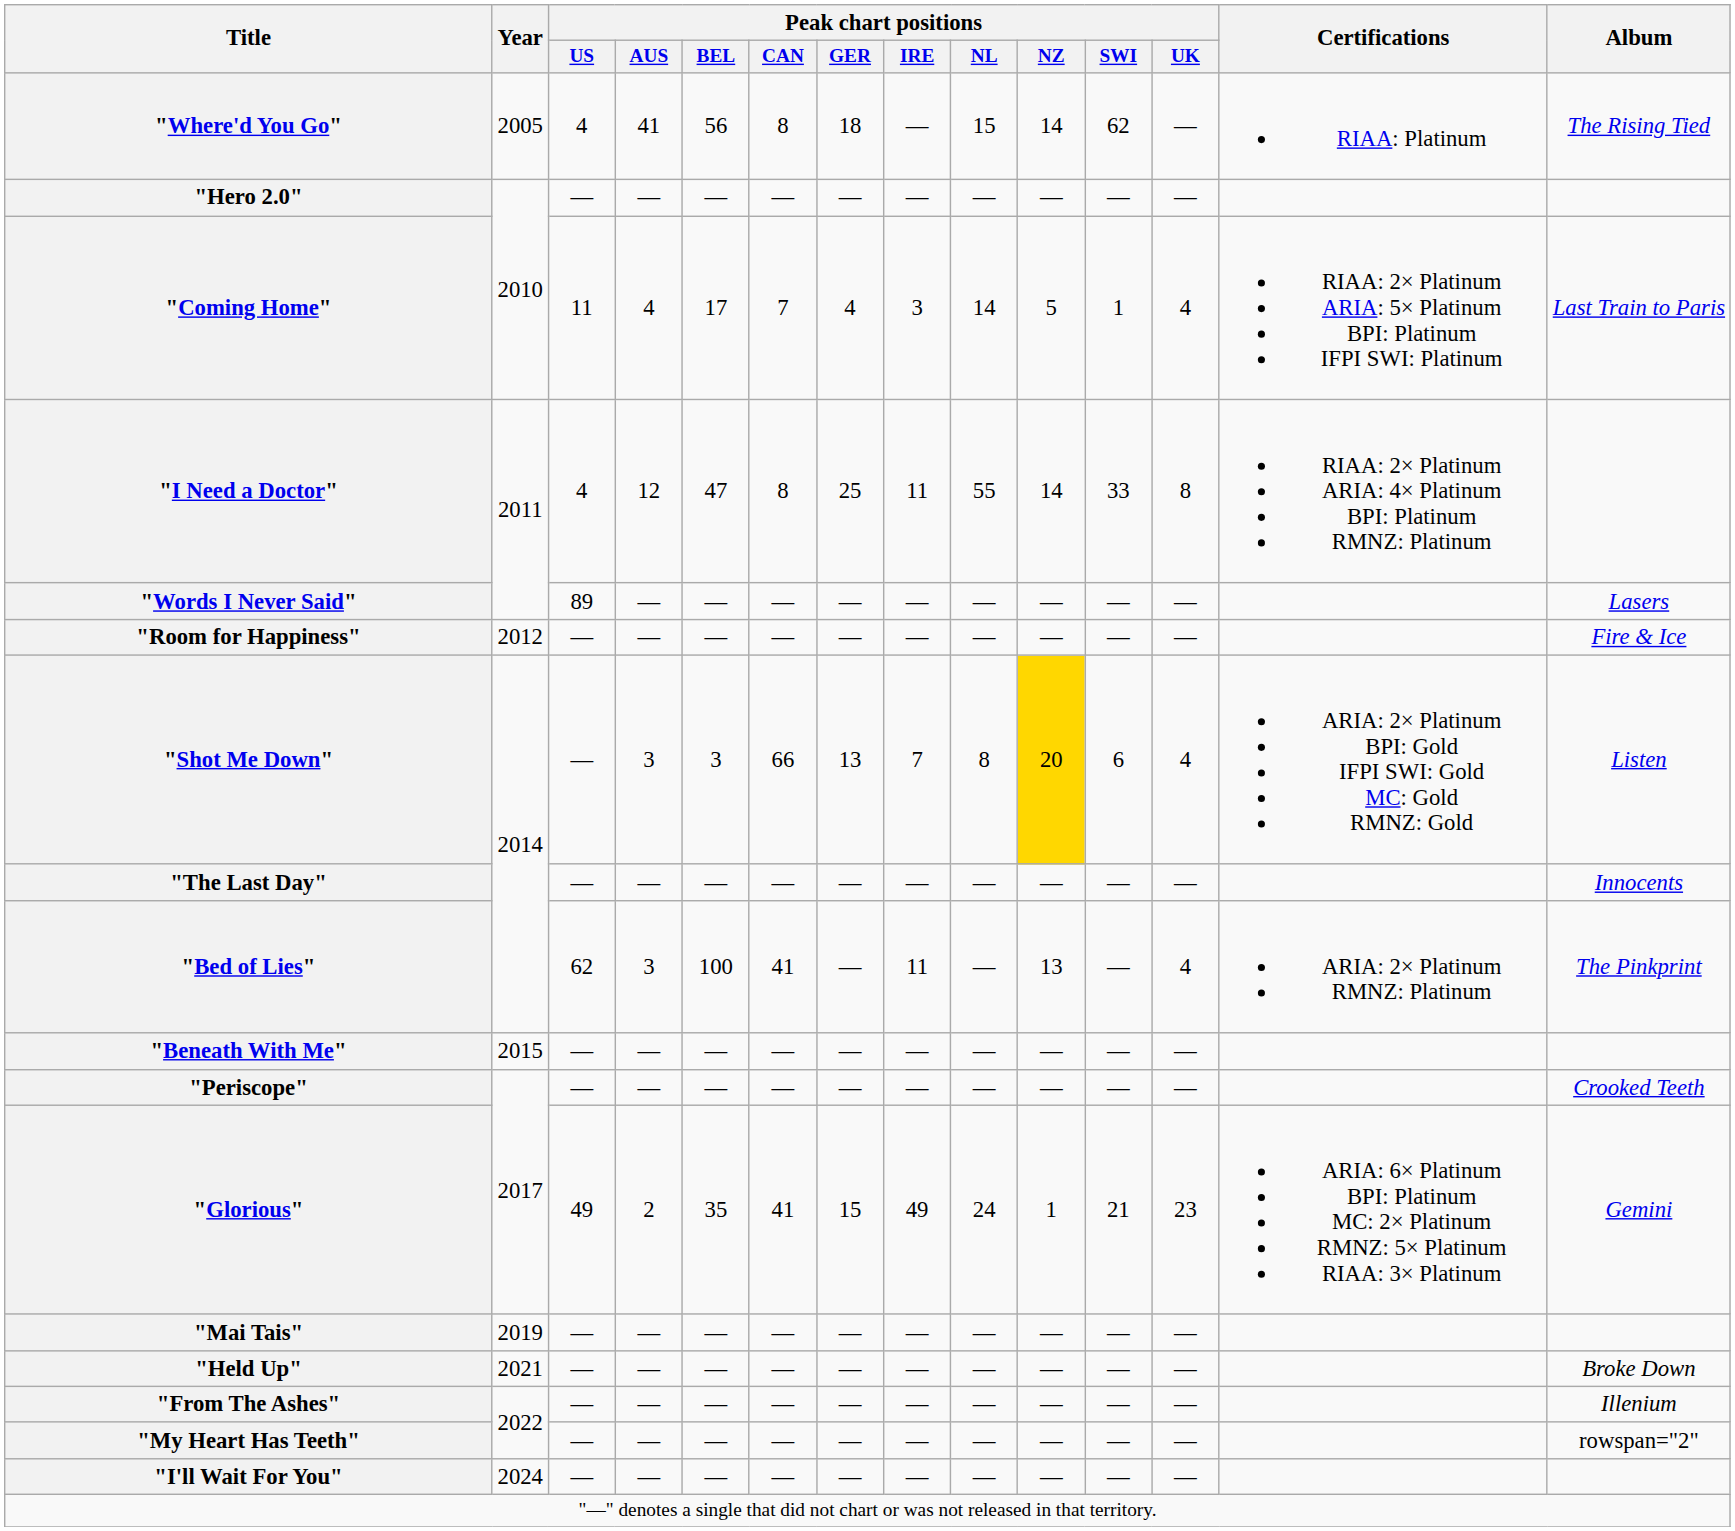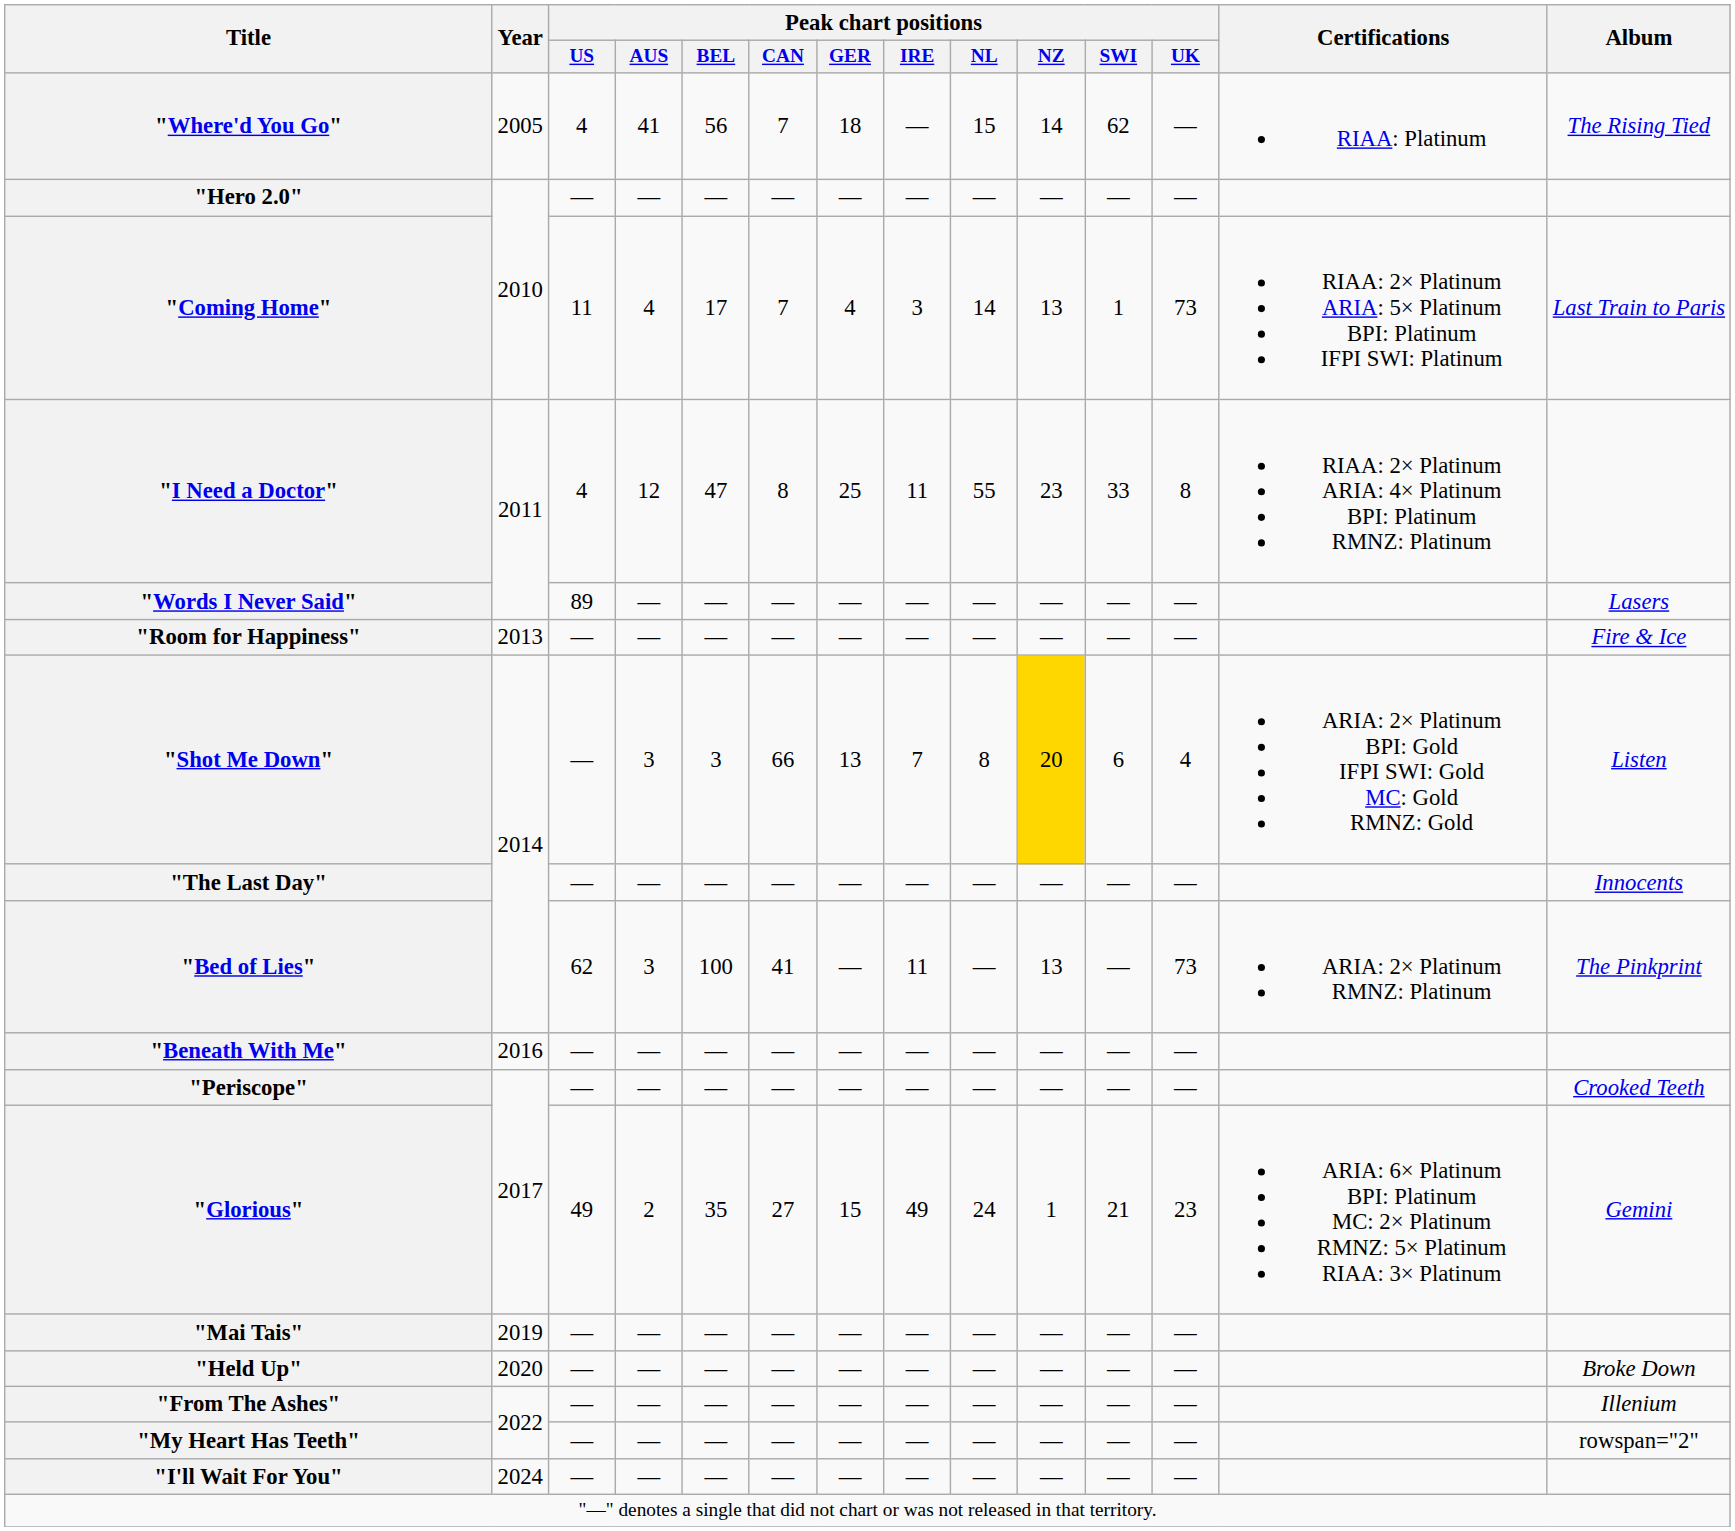 <table class="wikitable plainrowheaders" style="text-align: center;">
 <tr>
 <th scope="col" rowspan="2" style="width:21em;">Title</th>
 <th scope="col" rowspan="2">Year</th>
 <th scope="col" colspan="10">Peak chart positions</th>
 <th scope="col" rowspan="2" style="width:14em;">Certifications</th>
 <th scope="col" rowspan="2">Album</th>
 </tr>
 <tr>
 <th scope="col" style="width:3em; font-size:85%;"><a href='#'>US</a><br></th>
 <th scope="col" style="width:3em; font-size:85%;"><a href='#'>AUS</a><br></th>
 <th scope="col" style="width:3em; font-size:85%;"><a href='#'>BEL</a><br></th>
 <th scope="col" style="width:3em; font-size:85%;"><a href='#'>CAN</a><br></th>
 <th scope="col" style="width:3em; font-size:85%;"><a href='#'>GER</a><br></th>
 <th scope="col" style="width:3em; font-size:85%;"><a href='#'>IRE</a><br></th>
 <th scope="col" style="width:3em; font-size:85%;"><a href='#'>NL</a><br></th>
 <th scope="col" style="width:3em; font-size:85%;"><a href='#'>NZ</a><br></th>
 <th scope="col" style="width:3em; font-size:85%;"><a href='#'>SWI</a><br></th>
 <th scope="col" style="width:3em; font-size:85%;"><a href='#'>UK</a><br></th>
 </tr>
 <tr>
 <th scope="row">"<a href='#'>Where'd You Go</a>"<br></th>
 <td>2005</td>
 <td>4</td>
 <td>41</td>
 <td>56</td>
-<td>8</td>
+<td>7</td>
 <td>18</td>
 <td>—</td>
 <td>15</td>
 <td>14</td>
 <td>62</td>
 <td>—</td>
 <td><br><ul><li><a href='#'>RIAA</a>: Platinum</li></ul></td>
 <td><em><a href='#'>The Rising Tied</a></em></td>
 </tr>
 <tr>
 <th scope="row">"Hero 2.0"<br></th>
 <td rowspan="2">2010</td>
 <td>—</td>
 <td>—</td>
 <td>—</td>
 <td>—</td>
 <td>—</td>
 <td>—</td>
 <td>—</td>
 <td>—</td>
 <td>—</td>
 <td>—</td>
 <td></td>
 <td></td>
 </tr>
 <tr>
 <th scope="row">"<a href='#'>Coming Home</a>"<br></th>
 <td>11</td>
 <td>4</td>
 <td>17</td>
 <td>7</td>
 <td>4</td>
 <td>3</td>
 <td>14</td>
-<td>5</td>
+<td>13</td>
 <td>1</td>
-<td>4</td>
+<td>73</td>
 <td><br><ul><li>RIAA: 2× Platinum</li><li><a href='#'>ARIA</a>: 5× Platinum</li><li>BPI: Platinum</li><li>IFPI SWI: Platinum</li></ul></td>
 <td><em><a href='#'>Last Train to Paris</a></em></td>
 </tr>
 <tr>
 <th scope="row">"<a href='#'>I Need a Doctor</a>"<br></th>
 <td rowspan="2">2011</td>
 <td>4</td>
 <td>12</td>
 <td>47</td>
 <td>8</td>
 <td>25</td>
 <td>11</td>
 <td>55</td>
-<td>14</td>
+<td>23</td>
 <td>33</td>
 <td>8</td>
 <td><br><ul><li>RIAA: 2× Platinum</li><li>ARIA: 4× Platinum</li><li>BPI: Platinum</li><li>RMNZ: Platinum</li></ul></td>
 <td></td>
 </tr>
 <tr>
 <th scope="row">"<a href='#'>Words I Never Said</a>"<br></th>
 <td>89</td>
 <td>—</td>
 <td>—</td>
 <td>—</td>
 <td>—</td>
 <td>—</td>
 <td>—</td>
 <td>—</td>
 <td>—</td>
 <td>—</td>
 <td></td>
 <td><em><a href='#'>Lasers</a></em></td>
 </tr>
 <tr>
 <th scope="row">"Room for Happiness"<br></th>
-<td>2012</td>
+<td>2013</td>
 <td>—</td>
 <td>—</td>
 <td>—</td>
 <td>—</td>
 <td>—</td>
 <td>—</td>
 <td>—</td>
 <td>—</td>
 <td>—</td>
 <td>—</td>
 <td></td>
 <td><em><a href='#'>Fire & Ice</a></em></td>
 </tr>
 <tr>
 <th scope="row">"<a href='#'>Shot Me Down</a>"<br></th>
 <td rowspan="3">2014</td>
 <td>—</td>
 <td>3</td>
 <td>3</td>
 <td>66</td>
 <td>13</td>
 <td>7</td>
 <td>8</td>
 <td style="background: gold;">20</td>
 <td>6</td>
 <td>4</td>
 <td><br><ul><li>ARIA: 2× Platinum</li><li>BPI: Gold</li><li>IFPI SWI: Gold</li><li><a href='#'>MC</a>: Gold</li><li>RMNZ: Gold</li></ul></td>
 <td><em><a href='#'>Listen</a></em></td>
 </tr>
 <tr>
 <th scope="row">"The Last Day"<br></th>
 <td>—</td>
 <td>—</td>
 <td>—</td>
 <td>—</td>
 <td>—</td>
 <td>—</td>
 <td>—</td>
 <td>—</td>
 <td>—</td>
 <td>—</td>
 <td></td>
 <td><em><a href='#'>Innocents</a></em></td>
 </tr>
 <tr>
 <th scope="row">"<a href='#'>Bed of Lies</a>"<br></th>
 <td>62</td>
 <td>3</td>
 <td>100</td>
 <td>41</td>
 <td>—</td>
 <td>11</td>
 <td>—</td>
 <td>13</td>
 <td>—</td>
-<td>4</td>
+<td>73</td>
 <td><br><ul><li>ARIA: 2× Platinum</li><li>RMNZ: Platinum</li></ul></td>
 <td><em><a href='#'>The Pinkprint</a></em></td>
 </tr>
 <tr>
 <th scope="row">"<a href='#'>Beneath With Me</a>"<br></th>
-<td>2015</td>
+<td>2016</td>
 <td>—</td>
 <td>—</td>
 <td>—</td>
 <td>—</td>
 <td>—</td>
 <td>—</td>
 <td>—</td>
 <td>—</td>
 <td>—</td>
 <td>—</td>
 <td></td>
 <td></td>
 </tr>
 <tr>
 <th scope="row">"Periscope"<br></th>
 <td rowspan="2">2017</td>
 <td>—</td>
 <td>—</td>
 <td>—</td>
 <td>—</td>
 <td>—</td>
 <td>—</td>
 <td>—</td>
 <td>—</td>
 <td>—</td>
 <td>—</td>
 <td></td>
 <td><em><a href='#'>Crooked Teeth</a></em></td>
 </tr>
 <tr>
 <th scope="row">"<a href='#'>Glorious</a>"<br></th>
 <td>49<br></td>
 <td>2</td>
 <td>35</td>
-<td>41</td>
+<td>27<br></td>
 <td>15</td>
 <td>49<br></td>
 <td>24</td>
 <td>1</td>
 <td>21</td>
 <td>23</td>
 <td><br><ul><li>ARIA: 6× Platinum</li><li>BPI: Platinum</li><li>MC: 2× Platinum</li><li>RMNZ: 5× Platinum</li><li>RIAA: 3× Platinum</li></ul></td>
 <td><em><a href='#'>Gemini</a></em></td>
 </tr>
 <tr>
 <th scope="row">"Mai Tais"<br></th>
 <td>2019</td>
 <td>—</td>
 <td>—</td>
 <td>—</td>
 <td>—</td>
 <td>—</td>
 <td>—</td>
 <td>—</td>
 <td>—</td>
 <td>—</td>
 <td>—</td>
 <td></td>
 <td></td>
 </tr>
 <tr>
 <th scope="row">"Held Up"<br></th>
-<td>2021</td>
+<td>2020</td>
 <td>—</td>
 <td>—</td>
 <td>—</td>
 <td>—</td>
 <td>—</td>
 <td>—</td>
 <td>—</td>
 <td>—</td>
 <td>—</td>
 <td>—</td>
 <td></td>
 <td><em>Broke Down</em></td>
 </tr>
 <tr>
 <th scope="row">"From The Ashes" <br></th>
 <td rowspan="2">2022</td>
 <td>—</td>
 <td>—</td>
 <td>—</td>
 <td>—</td>
 <td>—</td>
 <td>—</td>
 <td>—</td>
 <td>—</td>
 <td>—</td>
 <td>—</td>
 <td></td>
 <td><em>Illenium</em></td>
 </tr>
 <tr>
 <th scope="row">"My Heart Has Teeth"<br></th>
 <td>—</td>
 <td>—</td>
 <td>—</td>
 <td>—</td>
 <td>—</td>
 <td>—</td>
 <td>—</td>
 <td>—</td>
 <td>—</td>
 <td>—</td>
 <td></td>
 <td>rowspan="2" </td>
 </tr>
 <tr>
 <th scope="row">"I'll Wait For You"<br></th>
 <td>2024</td>
 <td>—</td>
 <td>—</td>
 <td>—</td>
 <td>—</td>
 <td>—</td>
 <td>—</td>
 <td>—</td>
 <td>—</td>
 <td>—</td>
 <td>—</td>
 <td></td>
 </tr>
 <tr>
 <td colspan="15" style="font-size:85%">"—" denotes a single that did not chart or was not released in that territory.</td>
 </tr>
 </table>
